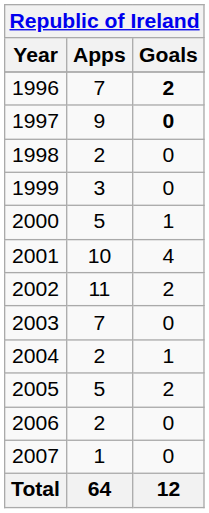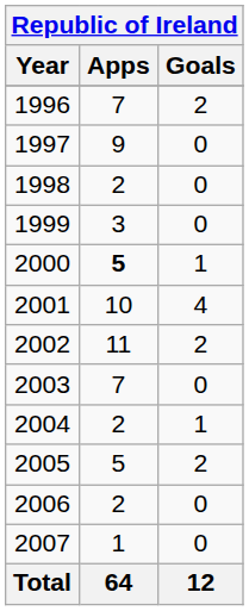 <table class="wikitable" style="text-align:center">
 <tr>
 <th colspan=3><a href='#'>Republic of Ireland</a></th>
 </tr>
 <tr>
 <th>Year</th>
 <th>Apps</th>
 <th>Goals</th>
 </tr>
 <tr>
 </tr>
 <tr>
 <td>1996</td>
 <td>7</td>
-<td><strong>2</strong></td>
+<td>2</td>
 </tr>
 <tr>
 <td>1997</td>
 <td>9</td>
-<td><strong>0</strong></td>
+<td>0</td>
 </tr>
 <tr>
 <td>1998</td>
 <td>2</td>
 <td>0</td>
 </tr>
 <tr>
 <td>1999</td>
 <td>3</td>
 <td>0</td>
 </tr>
 <tr>
 <td>2000</td>
-<td>5</td>
+<td><strong>5</strong></td>
 <td>1</td>
 </tr>
 <tr>
 <td>2001</td>
 <td>10</td>
 <td>4</td>
 </tr>
 <tr>
 <td>2002</td>
 <td>11</td>
 <td>2</td>
 </tr>
 <tr>
 <td>2003</td>
 <td>7</td>
 <td>0</td>
 </tr>
 <tr>
 <td>2004</td>
 <td>2</td>
 <td>1</td>
 </tr>
 <tr>
 <td>2005</td>
 <td>5</td>
 <td>2</td>
 </tr>
 <tr>
 <td>2006</td>
 <td>2</td>
 <td>0</td>
 </tr>
 <tr>
 <td>2007</td>
 <td>1</td>
 <td>0</td>
 </tr>
 <tr>
 <th>Total</th>
 <th>64</th>
 <th>12</th>
 </tr>
 </table>
